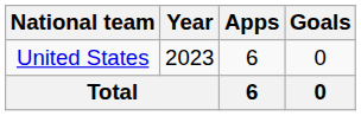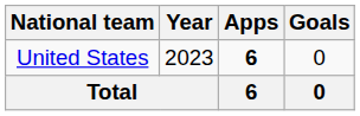 <table class="wikitable" style="text-align:center">
 <tr>
 <th>National team</th>
 <th>Year</th>
 <th>Apps</th>
 <th>Goals</th>
 </tr>
 <tr>
 <td><a href='#'>United States</a></td>
 <td>2023</td>
-<td>6</td>
+<td><strong>6</strong></td>
 <td>0</td>
 </tr>
 <tr>
 <th colspan="2">Total</th>
 <th>6</th>
 <th>0</th>
 </tr>
 </table>
